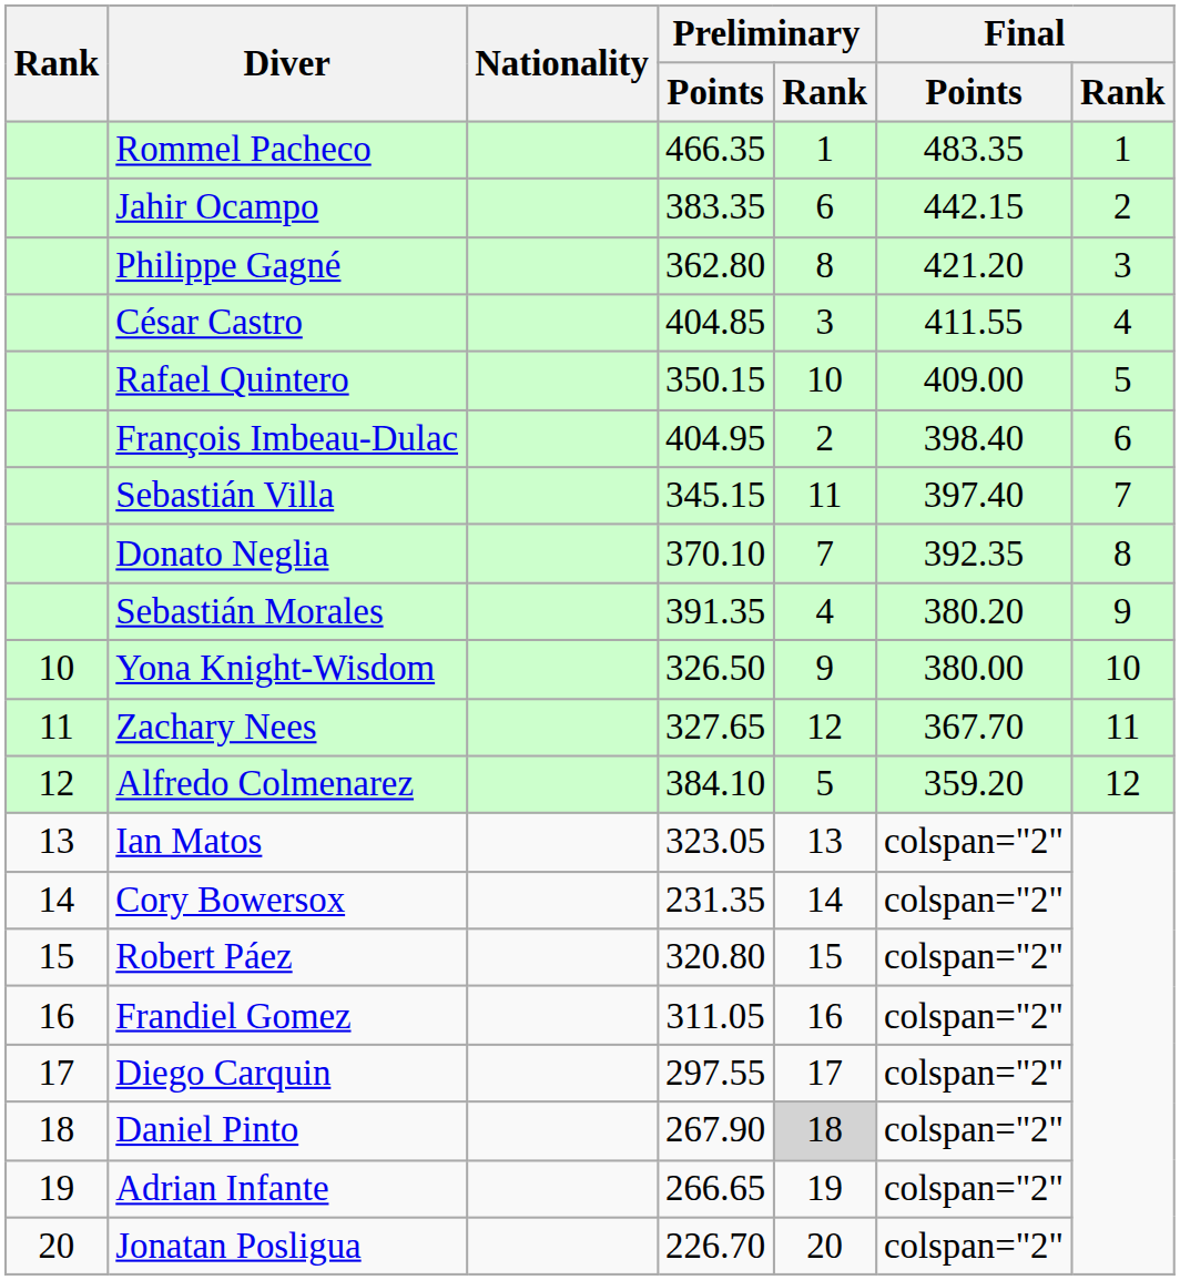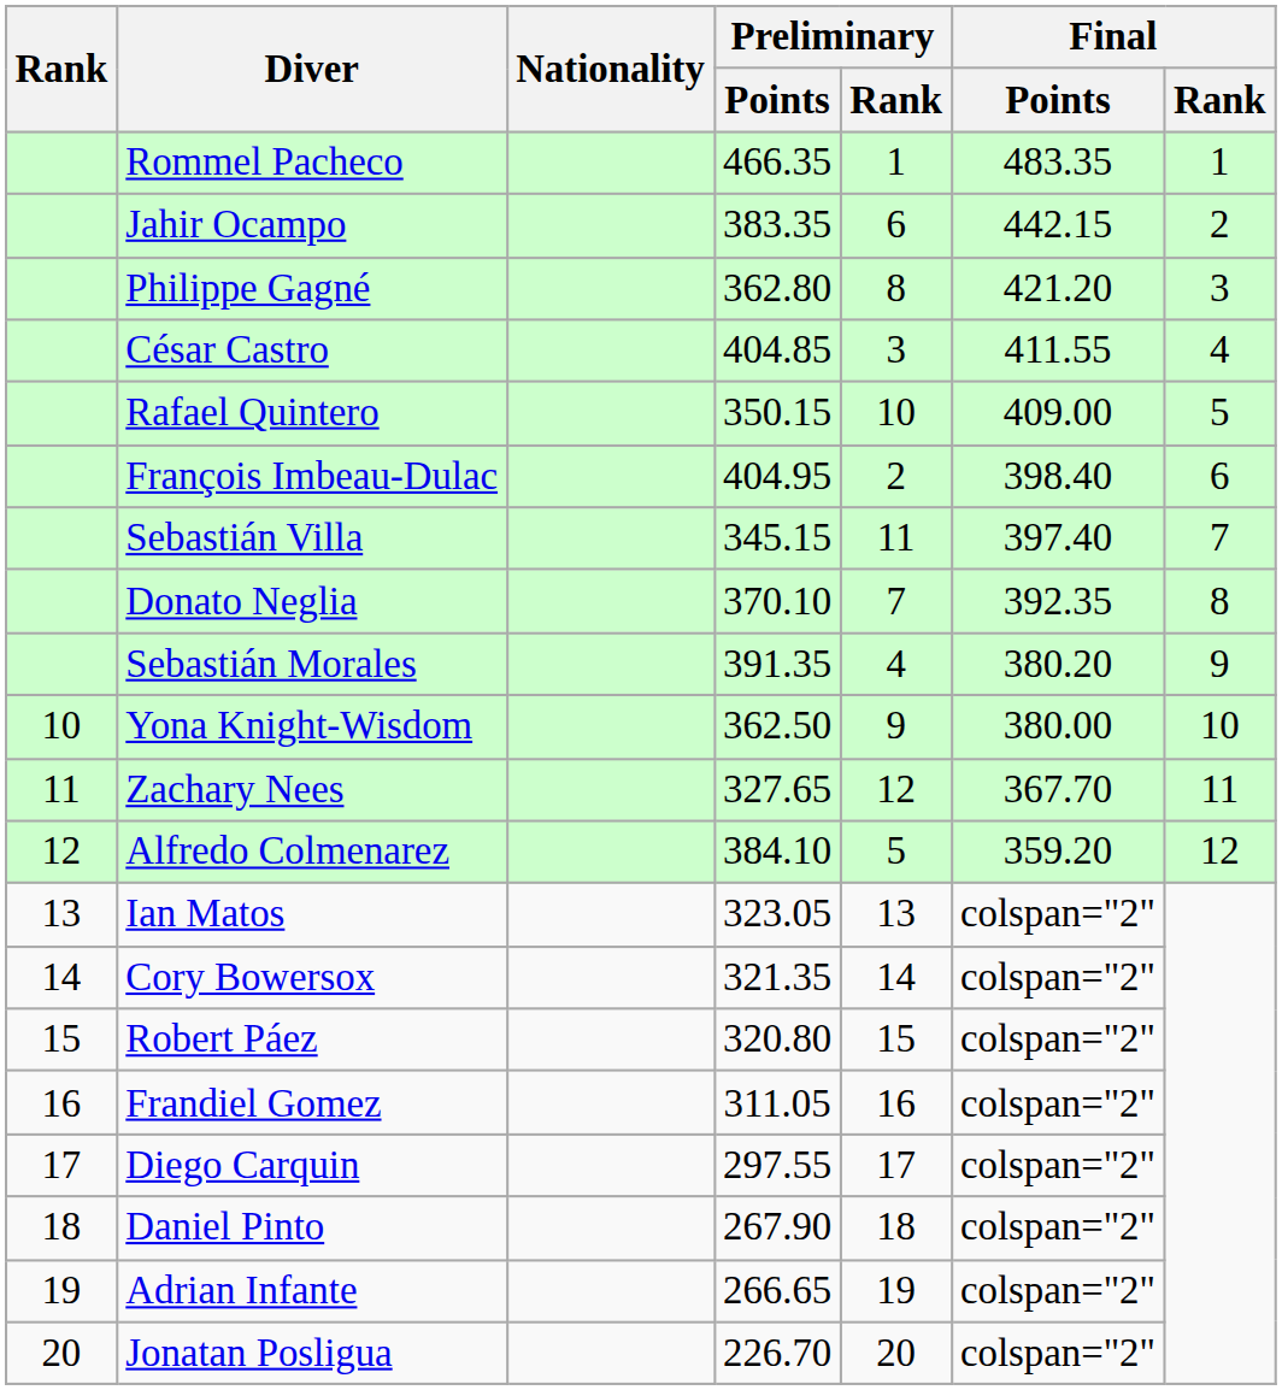 <table class="wikitable sortable" style="font-size:100%">
 <tr>
 <th rowspan="2">Rank</th>
 <th rowspan="2">Diver</th>
 <th rowspan="2">Nationality</th>
 <th colspan="2">Preliminary</th>
 <th colspan="2">Final</th>
 </tr>
 <tr>
 <th>Points</th>
 <th>Rank</th>
 <th>Points</th>
 <th>Rank</th>
 </tr>
 <tr bgcolor=ccffcc>
 <td align=center></td>
 <td><a href='#'>Rommel Pacheco</a></td>
 <td></td>
 <td align=center>466.35</td>
 <td align=center>1</td>
 <td align=center>483.35</td>
 <td align=center>1</td>
 </tr>
 <tr bgcolor=ccffcc>
 <td align=center></td>
 <td><a href='#'>Jahir Ocampo</a></td>
 <td></td>
 <td align=center>383.35</td>
 <td align=center>6</td>
 <td align=center>442.15</td>
 <td align=center>2</td>
 </tr>
 <tr bgcolor=ccffcc>
 <td align=center></td>
 <td><a href='#'>Philippe Gagné</a></td>
 <td></td>
 <td align=center>362.80</td>
 <td align=center>8</td>
 <td align=center>421.20</td>
 <td align=center>3</td>
 </tr>
 <tr bgcolor=ccffcc>
 <td align=center></td>
 <td><a href='#'>César Castro</a></td>
 <td></td>
 <td align=center>404.85</td>
 <td align=center>3</td>
 <td align=center>411.55</td>
 <td align=center>4</td>
 </tr>
 <tr bgcolor=ccffcc>
 <td align=center></td>
 <td><a href='#'>Rafael Quintero</a></td>
 <td></td>
 <td align=center>350.15</td>
 <td align=center>10</td>
 <td align=center>409.00</td>
 <td align=center>5</td>
 </tr>
 <tr bgcolor=ccffcc>
 <td align=center></td>
 <td><a href='#'>François Imbeau-Dulac</a></td>
 <td></td>
 <td align=center>404.95</td>
 <td align=center>2</td>
 <td align=center>398.40</td>
 <td align=center>6</td>
 </tr>
 <tr bgcolor=ccffcc>
 <td align=center></td>
 <td><a href='#'>Sebastián Villa</a></td>
 <td></td>
 <td align=center>345.15</td>
 <td align=center>11</td>
 <td align=center>397.40</td>
 <td align=center>7</td>
 </tr>
 <tr bgcolor=ccffcc>
 <td align=center></td>
 <td><a href='#'>Donato Neglia</a></td>
 <td></td>
 <td align=center>370.10</td>
 <td align=center>7</td>
 <td align=center>392.35</td>
 <td align=center>8</td>
 </tr>
 <tr bgcolor=ccffcc>
 <td align=center></td>
 <td><a href='#'>Sebastián Morales</a></td>
 <td></td>
 <td align=center>391.35</td>
 <td align=center>4</td>
 <td align=center>380.20</td>
 <td align=center>9</td>
 </tr>
 <tr bgcolor=ccffcc>
 <td align=center>10</td>
 <td><a href='#'>Yona Knight-Wisdom</a></td>
 <td></td>
-<td align=center>326.50</td>
+<td align=center>362.50</td>
 <td align=center>9</td>
 <td align=center>380.00</td>
 <td align=center>10</td>
 </tr>
 <tr bgcolor=ccffcc>
 <td align=center>11</td>
 <td><a href='#'>Zachary Nees</a></td>
 <td></td>
 <td align=center>327.65</td>
 <td align=center>12</td>
 <td align=center>367.70</td>
 <td align=center>11</td>
 </tr>
 <tr bgcolor=ccffcc>
 <td align=center>12</td>
 <td><a href='#'>Alfredo Colmenarez</a></td>
 <td></td>
 <td align=center>384.10</td>
 <td align=center>5</td>
 <td align=center>359.20</td>
 <td align=center>12</td>
 </tr>
 <tr>
 <td align=center>13</td>
 <td><a href='#'>Ian Matos</a></td>
 <td></td>
 <td align=center>323.05</td>
 <td align=center>13</td>
 <td>colspan="2" </td>
 </tr>
 <tr>
 <td align=center>14</td>
 <td><a href='#'>Cory Bowersox</a></td>
 <td></td>
-<td align=center>231.35</td>
+<td align=center>321.35</td>
 <td align=center>14</td>
 <td>colspan="2" </td>
 </tr>
 <tr>
 <td align=center>15</td>
 <td><a href='#'>Robert Páez</a></td>
 <td></td>
 <td align=center>320.80</td>
 <td align=center>15</td>
 <td>colspan="2" </td>
 </tr>
 <tr>
 <td align=center>16</td>
 <td><a href='#'>Frandiel Gomez</a></td>
 <td></td>
 <td align=center>311.05</td>
 <td align=center>16</td>
 <td>colspan="2" </td>
 </tr>
 <tr>
 <td align=center>17</td>
 <td><a href='#'>Diego Carquin</a></td>
 <td></td>
 <td align=center>297.55</td>
 <td align=center>17</td>
 <td>colspan="2" </td>
 </tr>
 <tr>
 <td align=center>18</td>
 <td><a href='#'>Daniel Pinto</a></td>
 <td></td>
 <td align=center>267.90</td>
-<td align=center style="background: lightgrey;">18</td>
+<td align=center>18</td>
 <td>colspan="2" </td>
 </tr>
 <tr>
 <td align=center>19</td>
 <td><a href='#'>Adrian Infante</a></td>
 <td></td>
 <td align=center>266.65</td>
 <td align=center>19</td>
 <td>colspan="2" </td>
 </tr>
 <tr>
 <td align=center>20</td>
 <td><a href='#'>Jonatan Posligua</a></td>
 <td></td>
 <td align=center>226.70</td>
 <td align=center>20</td>
 <td>colspan="2" </td>
 </tr>
 </table>
